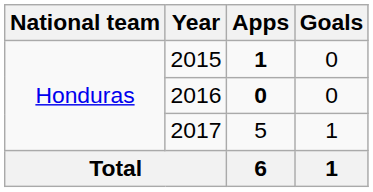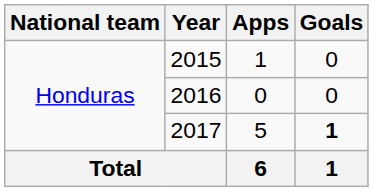 <table class="wikitable" style="text-align:center">
 <tr>
 <th>National team</th>
 <th>Year</th>
 <th>Apps</th>
 <th>Goals</th>
 </tr>
 <tr>
 <td rowspan="3"><a href='#'>Honduras</a></td>
 <td>2015</td>
-<td><strong>1</strong></td>
+<td>1</td>
 <td>0</td>
 </tr>
 <tr>
 <td>2016</td>
-<td><strong>0</strong></td>
+<td>0</td>
 <td>0</td>
 </tr>
 <tr>
 <td>2017</td>
 <td>5</td>
-<td>1</td>
+<td><strong>1</strong></td>
 </tr>
 <tr>
 <th colspan=2>Total</th>
 <th>6</th>
 <th>1</th>
 </tr>
 </table>
